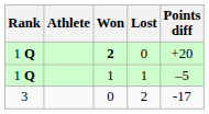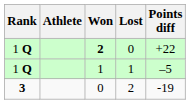 <table class="wikitable">
 <tr>
 <th>Rank</th>
 <th>Athlete</th>
 <th>Won</th>
 <th>Lost</th>
 <th>Points<br>diff</th>
 </tr>
 <tr bgcolor="#ccffcc">
 <td align="center">1 <strong>Q</strong></td>
 <td><strong></strong></td>
 <td align="center"><strong>2</strong></td>
 <td align="center">0</td>
-<td align="center">+20</td>
+<td align="center">+22</td>
 </tr>
 <tr bgcolor="#ccffcc">
 <td align="center">1 <strong>Q</strong></td>
 <td><strong></strong></td>
 <td align="center">1</td>
 <td align="center">1</td>
 <td align="center">–5</td>
 </tr>
 <tr>
-<td align="center">3</td>
+<td align="center"><strong>3</strong></td>
 <td></td>
 <td align="center">0</td>
 <td align="center">2</td>
-<td align="center">-17</td>
+<td align="center">-19</td>
 </tr>
 </table>
